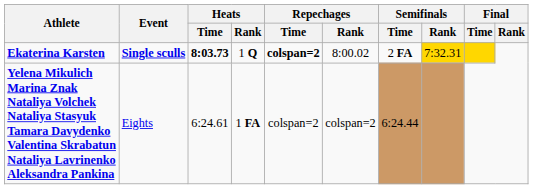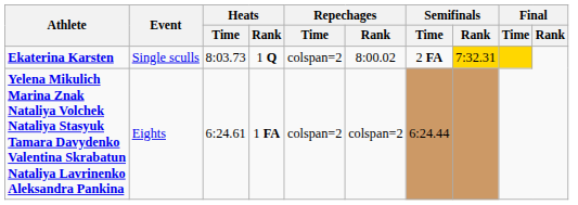 <table class="wikitable" style="font-size:90%">
 <tr style="font-size:95%">
 <th rowspan="2">Athlete</th>
 <th rowspan="2">Event</th>
 <th colspan="2">Heats</th>
 <th colspan="2">Repechages</th>
 <th colspan="2">Semifinals</th>
 <th colspan="2">Final</th>
 </tr>
 <tr style="font-size:95%">
 <th>Time</th>
 <th>Rank</th>
 <th>Time</th>
 <th>Rank</th>
 <th>Time</th>
 <th>Rank</th>
 <th>Time</th>
 <th>Rank</th>
 </tr>
 <tr align=center>
 <td align=left><strong><a href='#'>Ekaterina Karsten</a></strong></td>
-<td align=left><strong><a href='#'>Single sculls</a></strong></td>
-<td><strong>8:03.73</strong></td>
+<td align=left><a href='#'>Single sculls</a></td>
+<td>8:03.73</td>
 <td>1 <strong>Q</strong></td>
-<td><strong>colspan=2 </strong></td>
+<td>colspan=2 </td>
 <td>8:00.02</td>
 <td>2 <strong>FA</strong></td>
 <td align="center" bgcolor='gold'>7:32.31</td>
 <td align="center" bgcolor='gold'></td>
 </tr>
 <tr align=center>
 <td align=left><strong><a href='#'>Yelena Mikulich</a><br><a href='#'>Marina Znak</a><br><a href='#'>Nataliya Volchek</a><br><a href='#'>Nataliya Stasyuk</a><br><a href='#'>Tamara Davydenko</a><br><a href='#'>Valentina Skrabatun</a><br><a href='#'>Nataliya Lavrinenko</a><br><a href='#'>Aleksandra Pankina</a></strong></td>
 <td align=left><a href='#'>Eights</a></td>
 <td>6:24.61</td>
 <td>1 <strong>FA</strong></td>
 <td>colspan=2 </td>
 <td>colspan=2 </td>
 <td align="center" bgcolor='cc9966'>6:24.44</td>
 <td align="center" bgcolor='cc9966'></td>
 </tr>
 </table>
